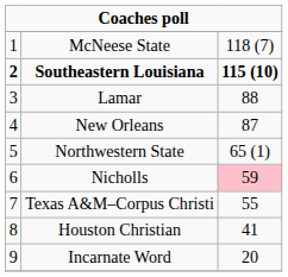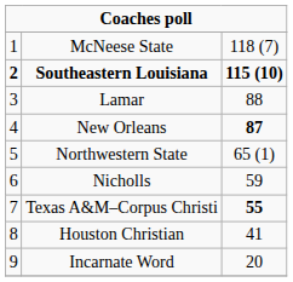 <table class="wikitable">
 <tr align="center">
 <td align="center" Colspan="3"><strong>Coaches poll</strong></td>
 </tr>
 <tr align="center">
 </tr>
 <tr align="center">
 <td>1</td>
 <td>McNeese State</td>
 <td>118 (7)</td>
 </tr>
 <tr align="center">
 <td><strong>2</strong></td>
 <td><strong>Southeastern Louisiana</strong></td>
 <td><strong>115 (10)</strong></td>
 </tr>
 <tr align="center">
 <td>3</td>
 <td>Lamar</td>
 <td>88</td>
 </tr>
 <tr align="center">
 <td>4</td>
 <td>New Orleans</td>
-<td>87</td>
+<td><strong>87</strong></td>
 </tr>
 <tr align="center">
 <td>5</td>
 <td>Northwestern State</td>
 <td>65 (1)</td>
 </tr>
 <tr align="center">
 <td>6</td>
 <td>Nicholls</td>
-<td style="background: pink;">59</td>
+<td>59</td>
 </tr>
 <tr align="center">
 <td>7</td>
 <td>Texas A&M–Corpus Christi</td>
-<td>55</td>
+<td><strong>55</strong></td>
 </tr>
 <tr align="center">
 <td>8</td>
 <td>Houston Christian</td>
 <td>41</td>
 </tr>
 <tr align="center">
 <td>9</td>
 <td>Incarnate Word</td>
 <td>20</td>
 </tr>
 <tr align="center">
 </tr>
 </table>
